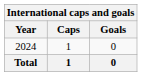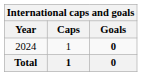 <table class="wikitable sortable" style="text-align:center">
 <tr>
 <th colspan="3">International caps and goals</th>
 </tr>
 <tr>
 <th>Year</th>
 <th>Caps</th>
 <th>Goals</th>
 </tr>
 <tr>
 <td>2024</td>
 <td>1</td>
-<td>0</td>
+<td><strong>0</strong></td>
 </tr>
 <tr>
 <th>Total</th>
 <th>1</th>
 <th>0</th>
 </tr>
 </table>
